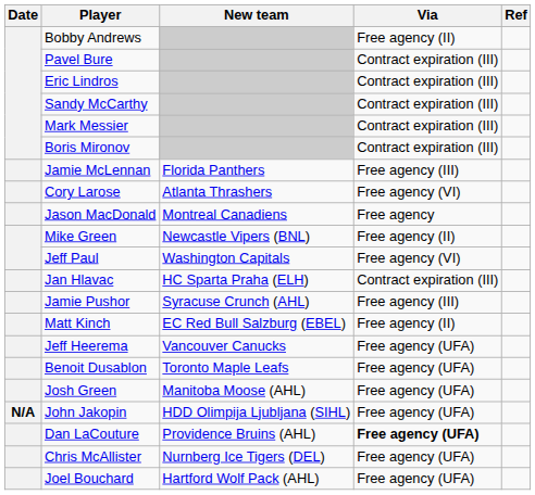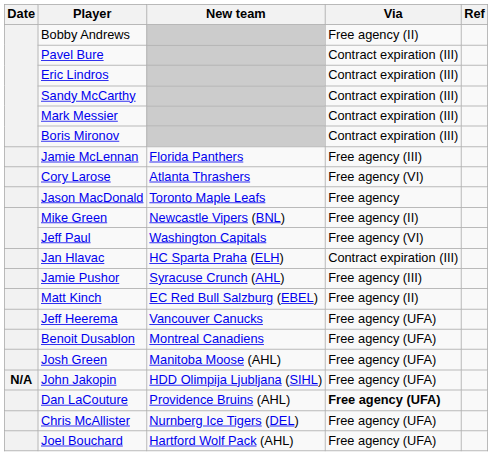 <table class="wikitable plainrowheaders">
 <tr style="background:#ddd; text-align:center;">
 <th>Date</th>
 <th>Player</th>
 <th>New team</th>
 <th>Via</th>
 <th>Ref</th>
 </tr>
 <tr>
 <th scope="row" rowspan=6></th>
 <td>Bobby Andrews</td>
 <td style="background:#ccc"></td>
 <td>Free agency (II)</td>
 <td></td>
 </tr>
 <tr>
 <td><a href='#'>Pavel Bure</a></td>
 <td style="background:#ccc"></td>
 <td>Contract expiration (III)</td>
 <td></td>
 </tr>
 <tr>
 <td><a href='#'>Eric Lindros</a></td>
 <td style="background:#ccc"></td>
 <td>Contract expiration (III)</td>
 <td></td>
 </tr>
 <tr>
 <td><a href='#'>Sandy McCarthy</a></td>
 <td style="background:#ccc"></td>
 <td>Contract expiration (III)</td>
 <td></td>
 </tr>
 <tr>
 <td><a href='#'>Mark Messier</a></td>
 <td style="background:#ccc"></td>
 <td>Contract expiration (III)</td>
 <td></td>
 </tr>
 <tr>
 <td><a href='#'>Boris Mironov</a></td>
 <td style="background:#ccc"></td>
 <td>Contract expiration (III)</td>
 <td></td>
 </tr>
 <tr>
 <th scope="row"></th>
 <td><a href='#'>Jamie McLennan</a></td>
 <td><a href='#'>Florida Panthers</a></td>
 <td>Free agency (III)</td>
 <td></td>
 </tr>
 <tr>
 <th scope="row"></th>
 <td><a href='#'>Cory Larose</a></td>
 <td><a href='#'>Atlanta Thrashers</a></td>
 <td>Free agency (VI)</td>
 <td></td>
 </tr>
 <tr>
 <th scope="row"></th>
 <td><a href='#'>Jason MacDonald</a></td>
-<td><a href='#'>Montreal Canadiens</a></td>
+<td><a href='#'>Toronto Maple Leafs</a></td>
 <td>Free agency</td>
 <td></td>
 </tr>
 <tr>
 <th scope="row" rowspan=2></th>
 <td><a href='#'>Mike Green</a></td>
 <td><a href='#'>Newcastle Vipers</a> (<a href='#'>BNL</a>)</td>
 <td>Free agency (II)</td>
 <td></td>
 </tr>
 <tr>
 <td><a href='#'>Jeff Paul</a></td>
 <td><a href='#'>Washington Capitals</a></td>
 <td>Free agency (VI)</td>
 <td></td>
 </tr>
 <tr>
 <th scope="row"></th>
 <td><a href='#'>Jan Hlavac</a></td>
 <td><a href='#'>HC Sparta Praha</a> (<a href='#'>ELH</a>)</td>
 <td>Contract expiration (III)</td>
 <td></td>
 </tr>
 <tr>
 <th scope="row"></th>
 <td><a href='#'>Jamie Pushor</a></td>
 <td><a href='#'>Syracuse Crunch</a> (<a href='#'>AHL</a>)</td>
 <td>Free agency (III)</td>
 <td></td>
 </tr>
 <tr>
 <th scope="row"></th>
 <td><a href='#'>Matt Kinch</a></td>
 <td><a href='#'>EC Red Bull Salzburg</a> (<a href='#'>EBEL</a>)</td>
 <td>Free agency (II)</td>
 <td></td>
 </tr>
 <tr>
 <th scope="row"></th>
 <td><a href='#'>Jeff Heerema</a></td>
 <td><a href='#'>Vancouver Canucks</a></td>
 <td>Free agency (UFA)</td>
 <td></td>
 </tr>
 <tr>
 <th scope="row"></th>
 <td><a href='#'>Benoit Dusablon</a></td>
-<td><a href='#'>Toronto Maple Leafs</a></td>
+<td><a href='#'>Montreal Canadiens</a></td>
 <td>Free agency (UFA)</td>
 <td></td>
 </tr>
 <tr>
 <th scope="row"></th>
 <td><a href='#'>Josh Green</a></td>
 <td><a href='#'>Manitoba Moose</a> (AHL)</td>
 <td>Free agency (UFA)</td>
 <td></td>
 </tr>
 <tr>
 <th scope="row">N/A</th>
 <td><a href='#'>John Jakopin</a></td>
 <td><a href='#'>HDD Olimpija Ljubljana</a> (<a href='#'>SIHL</a>)</td>
 <td>Free agency (UFA)</td>
 <td></td>
 </tr>
 <tr>
 <th scope="row"></th>
 <td><a href='#'>Dan LaCouture</a></td>
 <td><a href='#'>Providence Bruins</a> (AHL)</td>
 <td><strong>Free agency (UFA)</strong></td>
 <td></td>
 </tr>
 <tr>
 <th scope="row"></th>
 <td><a href='#'>Chris McAllister</a></td>
 <td><a href='#'>Nurnberg Ice Tigers</a> (<a href='#'>DEL</a>)</td>
 <td>Free agency (UFA)</td>
 <td></td>
 </tr>
 <tr>
 <th scope="row"></th>
 <td><a href='#'>Joel Bouchard</a></td>
 <td><a href='#'>Hartford Wolf Pack</a> (AHL)</td>
 <td>Free agency (UFA)</td>
 <td></td>
 </tr>
 </table>
